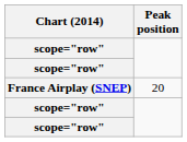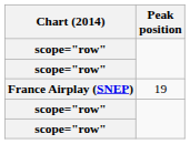 <table class="wikitable sortable plainrowheaders">
 <tr>
 <th scope="col">Chart (2014)</th>
 <th scope="col">Peak<br>position</th>
 </tr>
 <tr>
 <th>scope="row"</th>
 </tr>
 <tr>
 <th>scope="row"</th>
 </tr>
 <tr>
 <th scope="row">France Airplay (<a href='#'>SNEP</a>)</th>
-<td align="center">20</td>
+<td align="center">19</td>
 </tr>
 <tr>
 <th>scope="row"</th>
 </tr>
 <tr>
 <th>scope="row"</th>
 </tr>
 </table>
